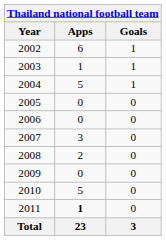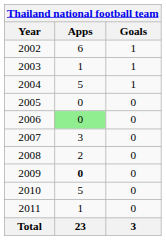 <table class=wikitable style="text-align:center">
 <tr>
 <th colspan=3><a href='#'>Thailand national football team</a></th>
 </tr>
 <tr>
 <th>Year</th>
 <th>Apps</th>
 <th>Goals</th>
 </tr>
 <tr>
 <td>2002</td>
 <td>6</td>
 <td>1</td>
 </tr>
 <tr>
 <td>2003</td>
 <td>1</td>
 <td>1</td>
 </tr>
 <tr>
 <td>2004</td>
 <td>5</td>
 <td>1</td>
 </tr>
 <tr>
 <td>2005</td>
 <td>0</td>
 <td>0</td>
 </tr>
 <tr>
 <td>2006</td>
-<td>0</td>
+<td style="background: lightgreen;">0</td>
 <td>0</td>
 </tr>
 <tr>
 <td>2007</td>
 <td>3</td>
 <td>0</td>
 </tr>
 <tr>
 <td>2008</td>
 <td>2</td>
 <td>0</td>
 </tr>
 <tr>
 <td>2009</td>
-<td>0</td>
+<td><strong>0</strong></td>
 <td>0</td>
 </tr>
 <tr>
 <td>2010</td>
 <td>5</td>
 <td>0</td>
 </tr>
 <tr>
 <td>2011</td>
-<td><strong>1</strong></td>
+<td>1</td>
 <td>0</td>
 </tr>
 <tr>
 <th>Total</th>
 <th>23</th>
 <th>3</th>
 </tr>
 </table>
